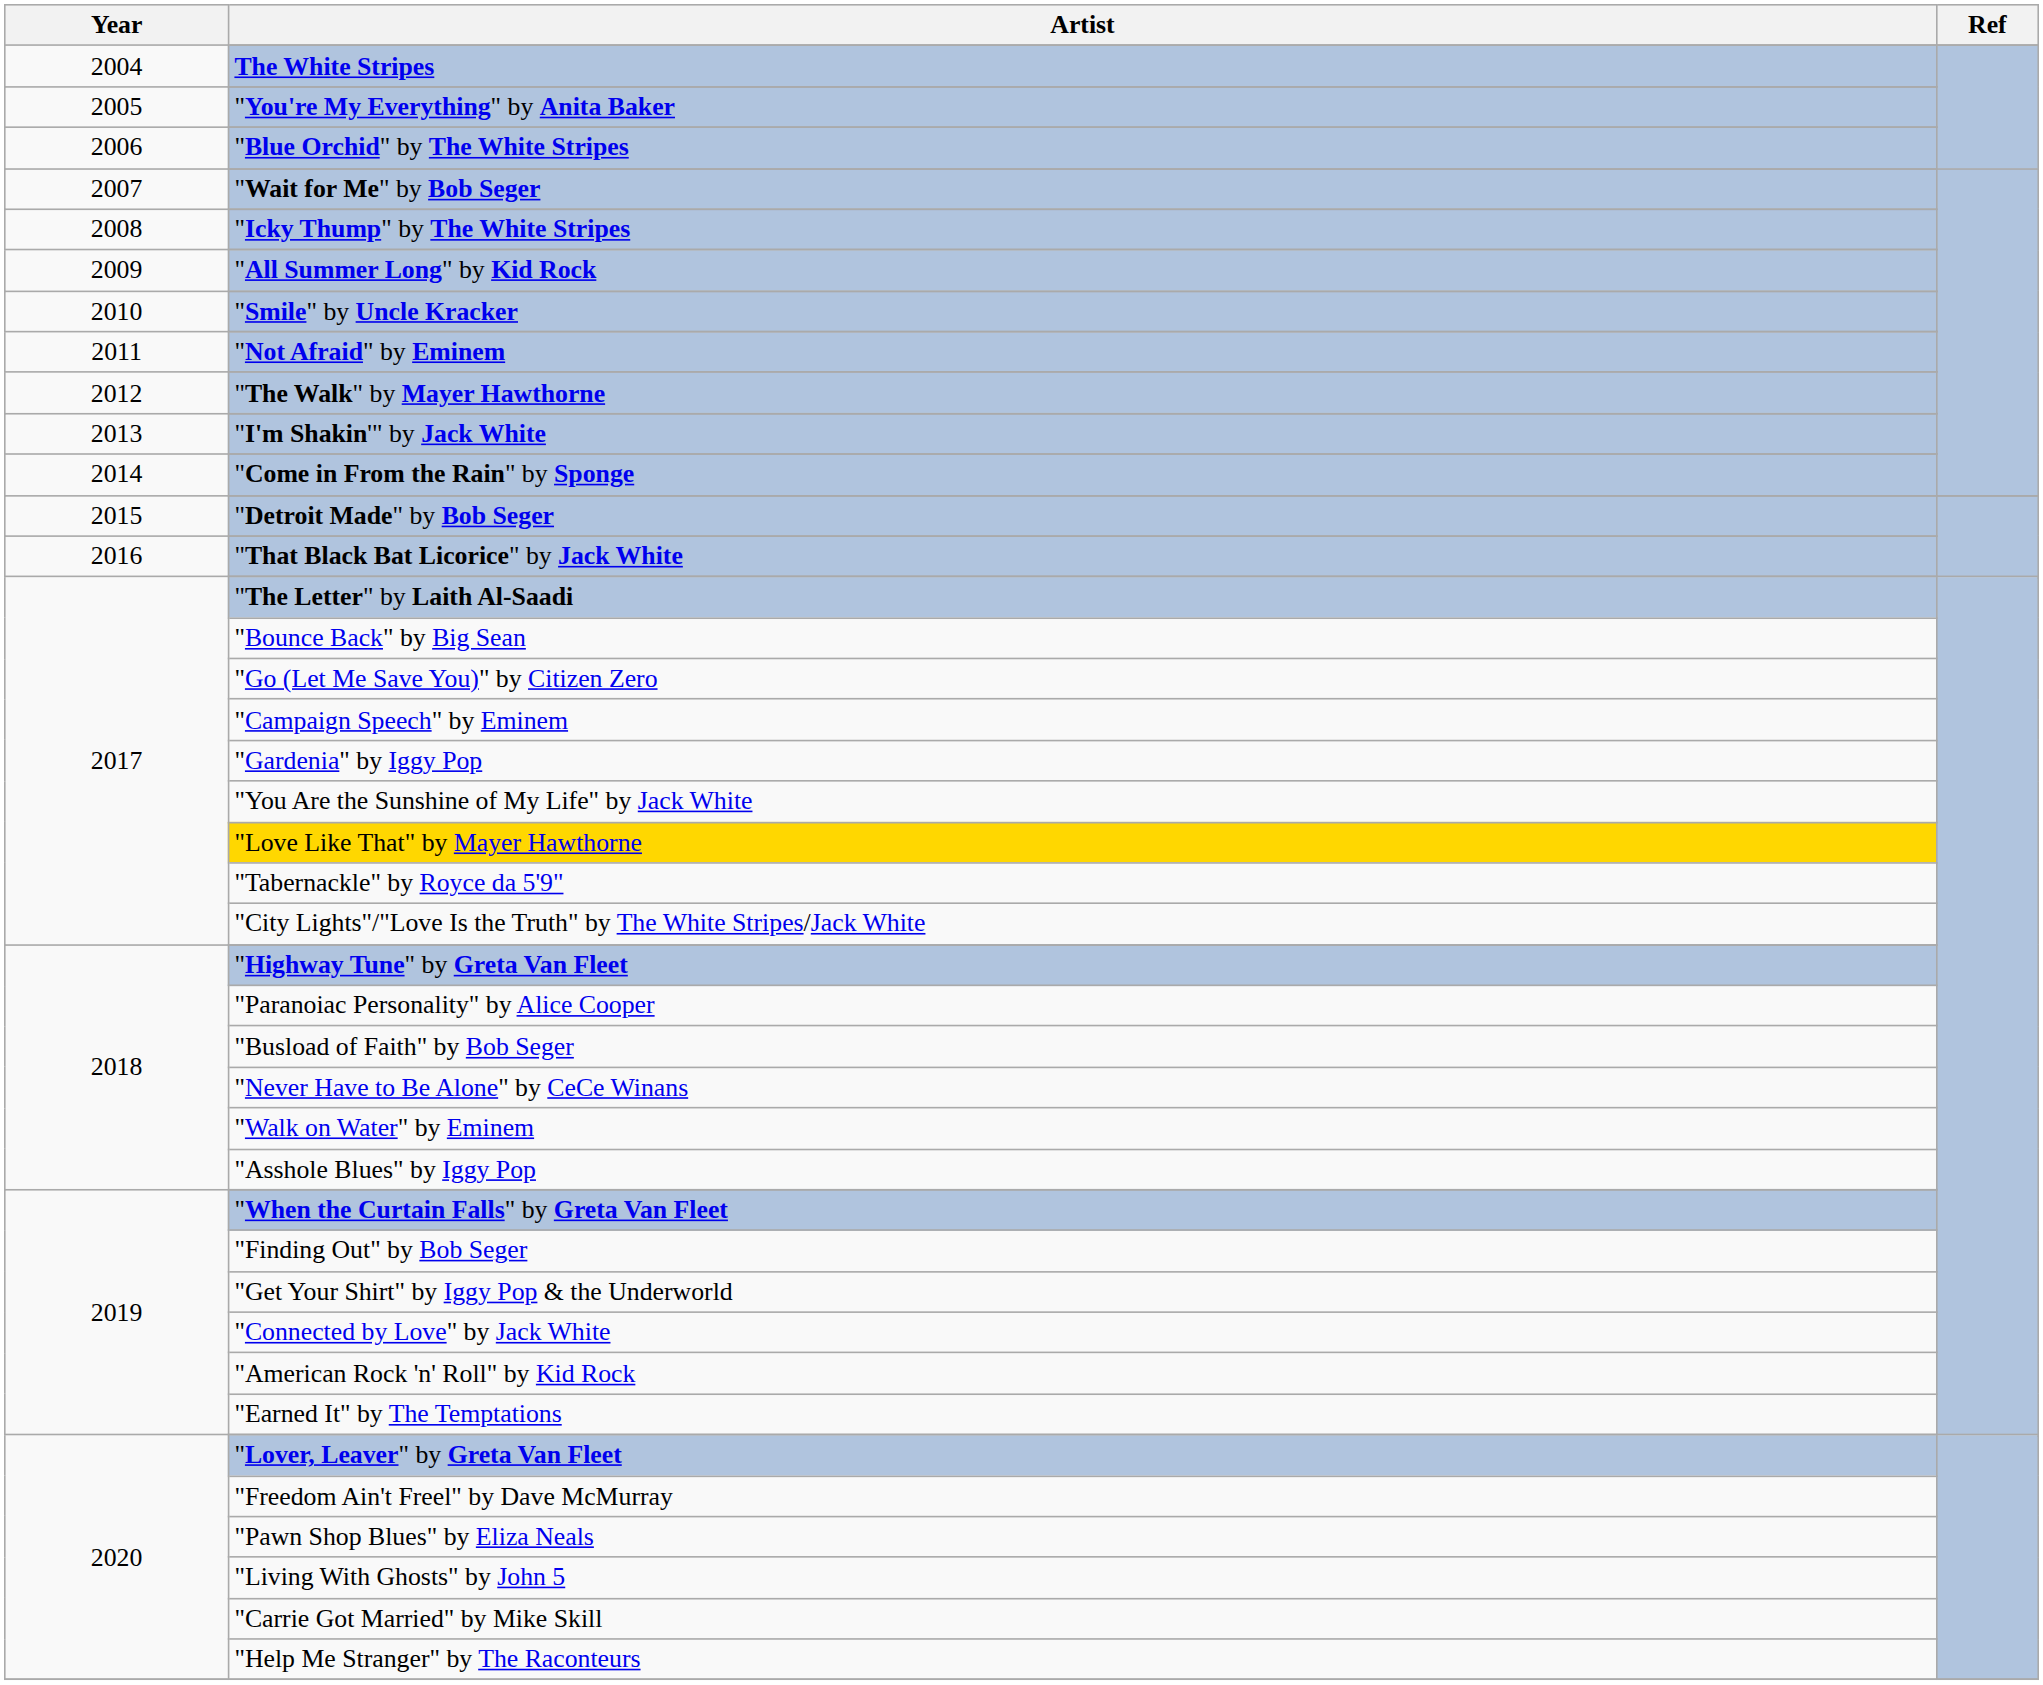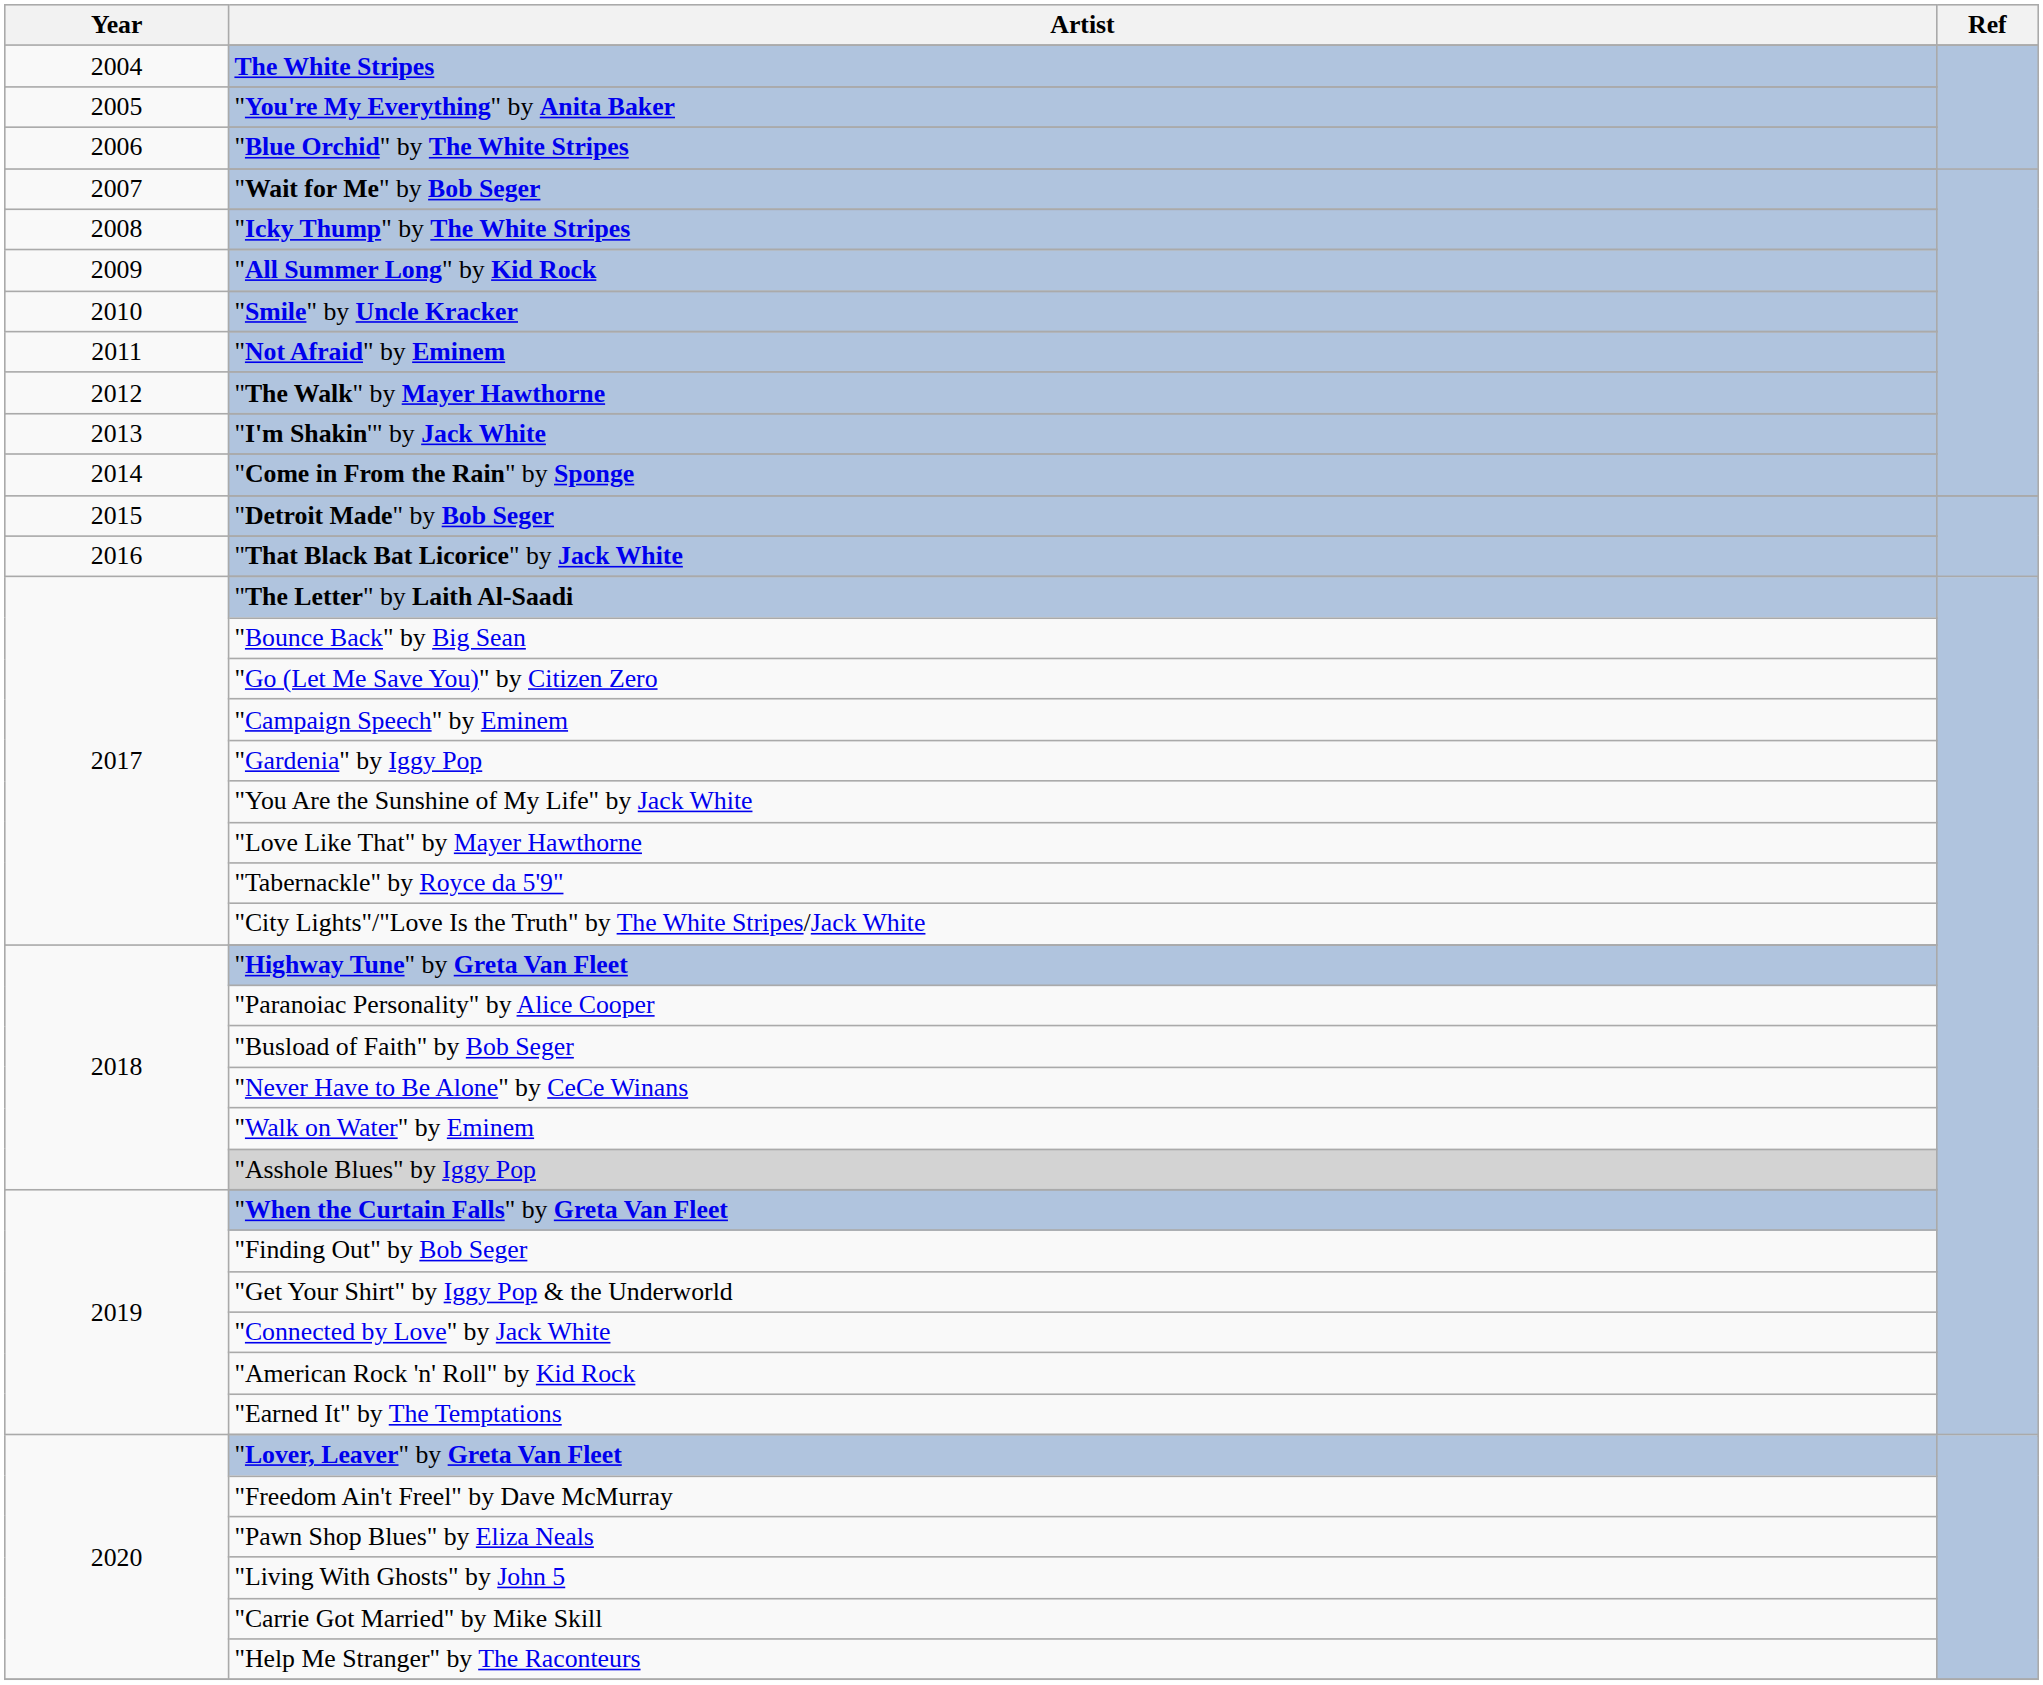 <table class="wikitable" style="width:100%;">
 <tr>
 <th style="width:11%;">Year</th>
 <th style="width:84%;">Artist</th>
 <th style="width:5%;">Ref</th>
 </tr>
 <tr>
 <td rowspan="2" align="center">2004</td>
 </tr>
 <tr style="background:#B0C4DE">
 <td><strong><a href='#'>The White Stripes</a></strong></td>
 <td rowspan="6"></td>
 </tr>
 <tr>
 <td rowspan="2" align="center">2005</td>
 </tr>
 <tr style="background:#B0C4DE">
 <td>"<strong><a href='#'>You're My Everything</a></strong>" by <strong><a href='#'>Anita Baker</a></strong></td>
 </tr>
 <tr>
 <td rowspan="2" align="center">2006</td>
 </tr>
 <tr style="background:#B0C4DE">
 <td>"<strong><a href='#'>Blue Orchid</a></strong>" by <strong><a href='#'>The White Stripes</a></strong></td>
 </tr>
 <tr>
 <td rowspan="2" align="center">2007</td>
 </tr>
 <tr style="background:#B0C4DE">
 <td>"<strong>Wait for Me</strong>" by <strong><a href='#'>Bob Seger</a></strong></td>
 <td rowspan="15" align="center"></td>
 </tr>
 <tr>
 <td rowspan="2" align="center">2008</td>
 </tr>
 <tr style="background:#B0C4DE">
 <td>"<strong><a href='#'>Icky Thump</a></strong>" by <strong><a href='#'>The White Stripes</a></strong></td>
 </tr>
 <tr>
 <td rowspan="2" align="center">2009</td>
 </tr>
 <tr style="background:#B0C4DE">
 <td>"<strong><a href='#'>All Summer Long</a></strong>" by <strong><a href='#'>Kid Rock</a></strong></td>
 </tr>
 <tr>
 <td rowspan="2" align="center">2010</td>
 </tr>
 <tr style="background:#B0C4DE">
 <td>"<strong><a href='#'>Smile</a></strong>" by <strong><a href='#'>Uncle Kracker</a></strong></td>
 </tr>
 <tr>
 <td rowspan="2" align="center">2011</td>
 </tr>
 <tr style="background:#B0C4DE">
 <td>"<strong><a href='#'>Not Afraid</a></strong>" by <strong><a href='#'>Eminem</a></strong></td>
 </tr>
 <tr>
 <td rowspan="2" align="center">2012</td>
 </tr>
 <tr style="background:#B0C4DE">
 <td>"<strong>The Walk</strong>" by <strong><a href='#'>Mayer Hawthorne</a></strong></td>
 </tr>
 <tr>
 <td rowspan="2" align="center">2013</td>
 </tr>
 <tr style="background:#B0C4DE">
 <td>"<strong>I'm Shakin</strong>'" by <strong><a href='#'>Jack White</a></strong></td>
 </tr>
 <tr>
 <td rowspan="2" align="center">2014</td>
 </tr>
 <tr style="background:#B0C4DE">
 <td>"<strong>Come in From the Rain</strong>" by <strong><a href='#'>Sponge</a></strong></td>
 </tr>
 <tr>
 <td rowspan="2" align="center">2015</td>
 </tr>
 <tr style="background:#B0C4DE">
 <td>"<strong>Detroit Made</strong>" by <strong><a href='#'>Bob Seger</a></strong></td>
 <td rowspan="4" align="center"></td>
 </tr>
 <tr>
 <td rowspan="2" align="center">2016</td>
 </tr>
 <tr style="background:#B0C4DE">
 <td>"<strong>That Black Bat Licorice</strong>" by <strong><a href='#'>Jack White</a></strong></td>
 </tr>
 <tr>
 <td rowspan="10" align="center">2017</td>
 </tr>
 <tr style="background:#B0C4DE">
 <td>"<strong>The Letter</strong>" by <strong>Laith Al-Saadi</strong></td>
 <td rowspan="24" align="center"></td>
 </tr>
 <tr>
 <td>"<a href='#'>Bounce Back</a>" by <a href='#'>Big Sean</a></td>
 </tr>
 <tr>
 <td>"<a href='#'>Go (Let Me Save You)</a>" by <a href='#'>Citizen Zero</a></td>
 </tr>
 <tr>
 <td>"<a href='#'>Campaign Speech</a>" by <a href='#'>Eminem</a></td>
 </tr>
 <tr>
 <td>"<a href='#'>Gardenia</a>" by <a href='#'>Iggy Pop</a></td>
 </tr>
 <tr>
 <td>"You Are the Sunshine of My Life" by <a href='#'>Jack White</a></td>
 </tr>
 <tr>
-<td style="background: gold;">"Love Like That" by <a href='#'>Mayer Hawthorne</a></td>
+<td>"Love Like That" by <a href='#'>Mayer Hawthorne</a></td>
 </tr>
 <tr>
 <td>"Tabernackle" by <a href='#'>Royce da 5'9"</a></td>
 </tr>
 <tr>
 <td>"City Lights"/"Love Is the Truth" by <a href='#'>The White Stripes</a>/<a href='#'>Jack White</a></td>
 </tr>
 <tr>
 <td rowspan="7" align="center">2018</td>
 </tr>
 <tr style="background:#B0C4DE">
 <td>"<strong><a href='#'>Highway Tune</a></strong>" by <strong><a href='#'>Greta Van Fleet</a></strong></td>
 </tr>
 <tr>
 <td>"Paranoiac Personality" by <a href='#'>Alice Cooper</a></td>
 </tr>
 <tr>
 <td>"Busload of Faith" by <a href='#'>Bob Seger</a></td>
 </tr>
 <tr>
 <td>"<a href='#'>Never Have to Be Alone</a>" by <a href='#'>CeCe Winans</a></td>
 </tr>
 <tr>
 <td>"<a href='#'>Walk on Water</a>" by <a href='#'>Eminem</a></td>
 </tr>
 <tr>
-<td>"Asshole Blues" by <a href='#'>Iggy Pop</a></td>
+<td style="background: lightgrey;">"Asshole Blues" by <a href='#'>Iggy Pop</a></td>
 </tr>
 <tr>
 <td rowspan="7" align="center">2019</td>
 </tr>
 <tr style="background:#B0C4DE">
 <td>"<strong><a href='#'>When the Curtain Falls</a></strong>" by <strong><a href='#'>Greta Van Fleet</a></strong></td>
 </tr>
 <tr>
 <td>"Finding Out" by <a href='#'>Bob Seger</a></td>
 </tr>
 <tr>
 <td>"Get Your Shirt" by <a href='#'>Iggy Pop</a> & the Underworld</td>
 </tr>
 <tr>
 <td>"<a href='#'>Connected by Love</a>" by <a href='#'>Jack White</a></td>
 </tr>
 <tr>
 <td>"American Rock 'n' Roll" by <a href='#'>Kid Rock</a></td>
 </tr>
 <tr>
 <td>"Earned It" by <a href='#'>The Temptations</a></td>
 </tr>
 <tr>
 <td rowspan="7" align="center">2020</td>
 </tr>
 <tr style="background:#B0C4DE">
 <td>"<strong><a href='#'>Lover, Leaver</a></strong>" by <strong><a href='#'>Greta Van Fleet</a></strong></td>
 <td rowspan="6" align="center"></td>
 </tr>
 <tr>
 <td>"Freedom Ain't Freel" by Dave McMurray</td>
 </tr>
 <tr>
 <td>"Pawn Shop Blues" by <a href='#'>Eliza Neals</a></td>
 </tr>
 <tr>
 <td>"Living With Ghosts" by <a href='#'>John 5</a></td>
 </tr>
 <tr>
 <td>"Carrie Got Married" by Mike Skill</td>
 </tr>
 <tr>
 <td>"Help Me Stranger" by <a href='#'>The Raconteurs</a></td>
 </tr>
 <tr>
 </tr>
 </table>
